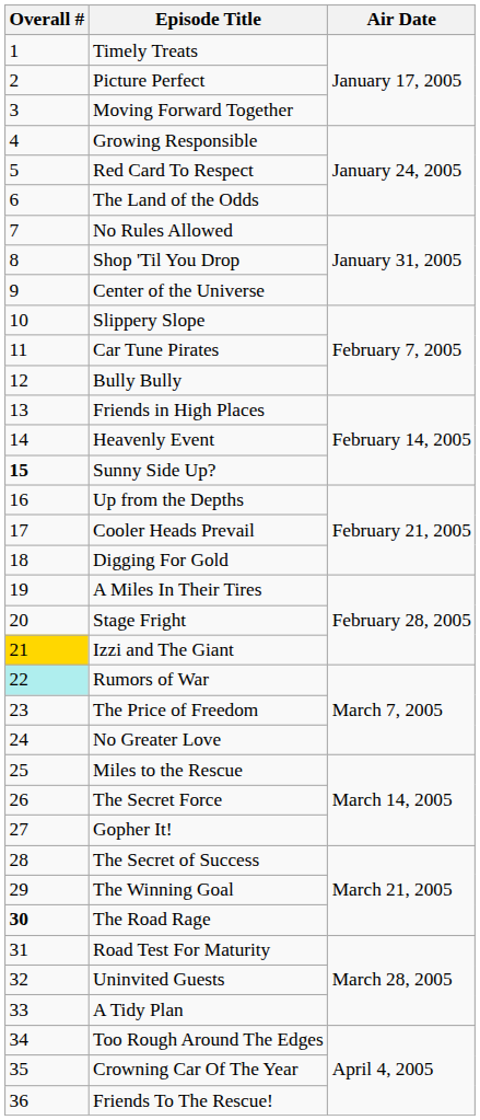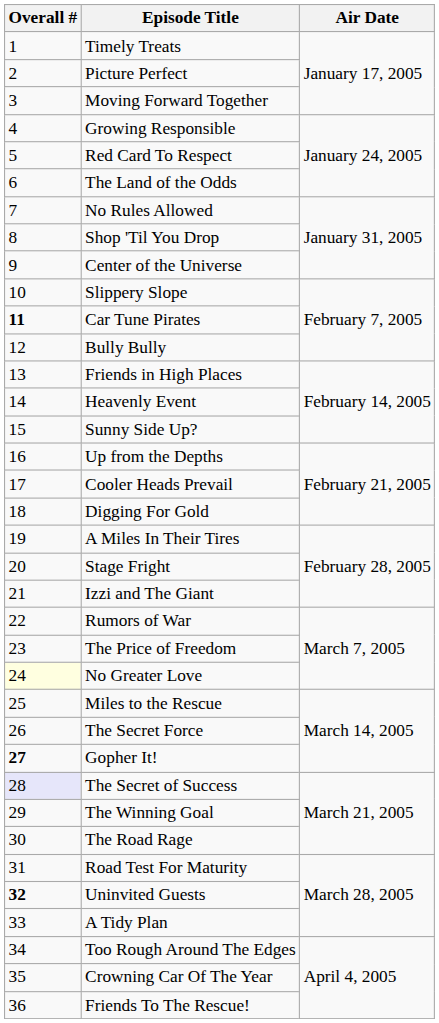 <table class="wikitable">
 <tr>
 <th>Overall #</th>
 <th>Episode Title</th>
 <th>Air Date</th>
 </tr>
 <tr>
 <td>1</td>
 <td>Timely Treats</td>
 <td rowspan="3">January 17, 2005</td>
 </tr>
 <tr>
 <td>2</td>
 <td>Picture Perfect</td>
 </tr>
 <tr>
 <td>3</td>
 <td>Moving Forward Together</td>
 </tr>
 <tr>
 <td>4</td>
 <td>Growing Responsible</td>
 <td rowspan="3">January 24, 2005</td>
 </tr>
 <tr>
 <td>5</td>
 <td>Red Card To Respect</td>
 </tr>
 <tr>
 <td>6</td>
 <td>The Land of the Odds</td>
 </tr>
 <tr>
 <td>7</td>
 <td>No Rules Allowed</td>
 <td rowspan="3">January 31, 2005</td>
 </tr>
 <tr>
 <td>8</td>
 <td>Shop 'Til You Drop</td>
 </tr>
 <tr>
 <td>9</td>
 <td>Center of the Universe</td>
 </tr>
 <tr>
 <td>10</td>
 <td>Slippery Slope</td>
 <td rowspan="3">February 7, 2005</td>
 </tr>
 <tr>
-<td>11</td>
+<td><strong>11</strong></td>
 <td>Car Tune Pirates</td>
 </tr>
 <tr>
 <td>12</td>
 <td>Bully Bully</td>
 </tr>
 <tr>
 <td>13</td>
 <td>Friends in High Places</td>
 <td rowspan="3">February 14, 2005</td>
 </tr>
 <tr>
 <td>14</td>
 <td>Heavenly Event</td>
 </tr>
 <tr>
-<td><strong>15</strong></td>
+<td>15</td>
 <td>Sunny Side Up?</td>
 </tr>
 <tr>
 <td>16</td>
 <td>Up from the Depths</td>
 <td rowspan="3">February 21, 2005</td>
 </tr>
 <tr>
 <td>17</td>
 <td>Cooler Heads Prevail</td>
 </tr>
 <tr>
 <td>18</td>
 <td>Digging For Gold</td>
 </tr>
 <tr>
 <td>19</td>
 <td>A Miles In Their Tires</td>
 <td rowspan="3">February 28, 2005</td>
 </tr>
 <tr>
 <td>20</td>
 <td>Stage Fright</td>
 </tr>
 <tr>
-<td style="background: gold;">21</td>
+<td>21</td>
 <td>Izzi and The Giant</td>
 </tr>
 <tr>
-<td style="background: paleturquoise;">22</td>
+<td>22</td>
 <td>Rumors of War</td>
 <td rowspan="3">March 7, 2005</td>
 </tr>
 <tr>
 <td>23</td>
 <td>The Price of Freedom</td>
 </tr>
 <tr>
-<td>24</td>
+<td style="background: lightyellow;">24</td>
 <td>No Greater Love</td>
 </tr>
 <tr>
 <td>25</td>
 <td>Miles to the Rescue</td>
 <td rowspan="3">March 14, 2005</td>
 </tr>
 <tr>
 <td>26</td>
 <td>The Secret Force</td>
 </tr>
 <tr>
-<td>27</td>
+<td><strong>27</strong></td>
 <td>Gopher It!</td>
 </tr>
 <tr>
-<td>28</td>
+<td style="background: lavender;">28</td>
 <td>The Secret of Success</td>
 <td rowspan="3">March 21, 2005</td>
 </tr>
 <tr>
 <td>29</td>
 <td>The Winning Goal</td>
 </tr>
 <tr>
-<td><strong>30</strong></td>
+<td>30</td>
 <td>The Road Rage</td>
 </tr>
 <tr>
 <td>31</td>
 <td>Road Test For Maturity</td>
 <td rowspan="3">March 28, 2005</td>
 </tr>
 <tr>
-<td>32</td>
+<td><strong>32</strong></td>
 <td>Uninvited Guests</td>
 </tr>
 <tr>
 <td>33</td>
 <td>A Tidy Plan</td>
 </tr>
 <tr>
 <td>34</td>
 <td>Too Rough Around The Edges</td>
 <td rowspan="3">April 4, 2005</td>
 </tr>
 <tr>
 <td>35</td>
 <td>Crowning Car Of The Year</td>
 </tr>
 <tr>
 <td>36</td>
 <td>Friends To The Rescue!</td>
 </tr>
 </table>
